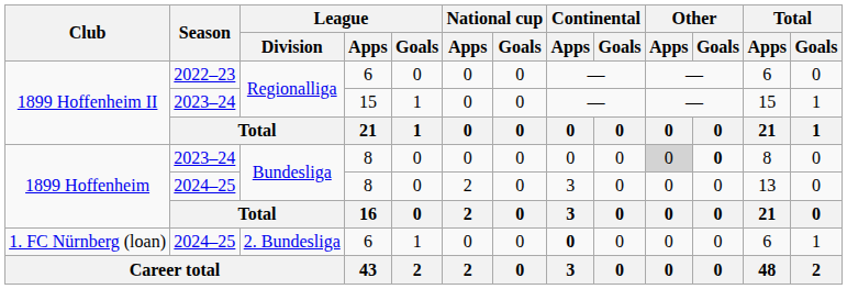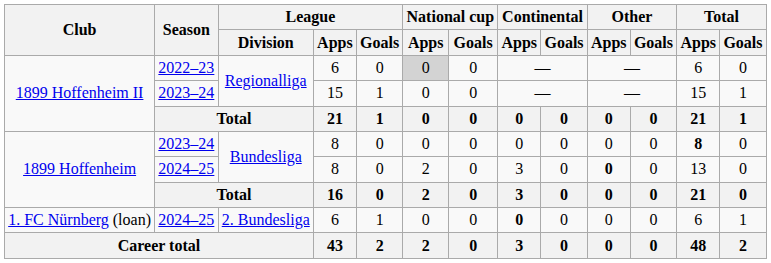 <table class="wikitable" style="text-align:center">
 <tr>
 <th rowspan="2">Club</th>
 <th rowspan="2">Season</th>
 <th colspan="3">League</th>
 <th colspan="2">National cup</th>
 <th colspan="2">Continental</th>
 <th colspan="2">Other</th>
 <th colspan="2">Total</th>
 </tr>
 <tr>
 <th>Division</th>
 <th>Apps</th>
 <th>Goals</th>
 <th>Apps</th>
 <th>Goals</th>
 <th>Apps</th>
 <th>Goals</th>
 <th>Apps</th>
 <th>Goals</th>
 <th>Apps</th>
 <th>Goals</th>
 </tr>
 <tr>
 <td rowspan="3"><a href='#'>1899 Hoffenheim II</a></td>
 <td><a href='#'>2022–23</a></td>
 <td rowspan="2"><a href='#'>Regionalliga</a></td>
 <td>6</td>
 <td>0</td>
-<td>0</td>
+<td style="background: lightgrey;">0</td>
 <td>0</td>
 <td colspan="2">—</td>
 <td colspan="2">—</td>
 <td>6</td>
 <td>0</td>
 </tr>
 <tr>
 <td><a href='#'>2023–24</a></td>
 <td>15</td>
 <td>1</td>
 <td>0</td>
 <td>0</td>
 <td colspan="2">—</td>
 <td colspan="2">—</td>
 <td>15</td>
 <td>1</td>
 </tr>
 <tr>
 <th colspan="2">Total</th>
 <th>21</th>
 <th>1</th>
 <th>0</th>
 <th>0</th>
 <th>0</th>
 <th>0</th>
 <th>0</th>
 <th>0</th>
 <th>21</th>
 <th>1</th>
 </tr>
 <tr>
 <td rowspan="3"><a href='#'>1899 Hoffenheim</a></td>
 <td><a href='#'>2023–24</a></td>
 <td rowspan="2"><a href='#'>Bundesliga</a></td>
 <td>8</td>
 <td>0</td>
 <td>0</td>
 <td>0</td>
 <td>0</td>
 <td>0</td>
-<td style="background: lightgrey;">0</td>
-<td><strong>0</strong></td>
-<td>8</td>
+<td>0</td>
+<td>0</td>
+<td><strong>8</strong></td>
 <td>0</td>
 </tr>
 <tr>
 <td><a href='#'>2024–25</a></td>
 <td>8</td>
 <td>0</td>
 <td>2</td>
 <td>0</td>
 <td>3</td>
 <td>0</td>
-<td>0</td>
+<td><strong>0</strong></td>
 <td>0</td>
 <td>13</td>
 <td>0</td>
 </tr>
 <tr>
 <th colspan="2">Total</th>
 <th>16</th>
 <th>0</th>
 <th>2</th>
 <th>0</th>
 <th>3</th>
 <th>0</th>
 <th>0</th>
 <th>0</th>
 <th>21</th>
 <th>0</th>
 </tr>
 <tr>
 </tr>
 <tr>
 <td rowspan="1"><a href='#'>1. FC Nürnberg</a> (loan)</td>
 <td><a href='#'>2024–25</a></td>
 <td><a href='#'>2. Bundesliga</a></td>
 <td>6</td>
 <td>1</td>
 <td>0</td>
 <td>0</td>
 <td><strong>0</strong></td>
 <td>0</td>
 <td>0</td>
 <td>0</td>
 <td>6</td>
 <td>1</td>
 </tr>
 <tr>
 <th colspan="3">Career total</th>
 <th>43</th>
 <th>2</th>
 <th>2</th>
 <th>0</th>
 <th>3</th>
 <th>0</th>
 <th>0</th>
 <th>0</th>
 <th>48</th>
 <th>2</th>
 </tr>
 </table>
